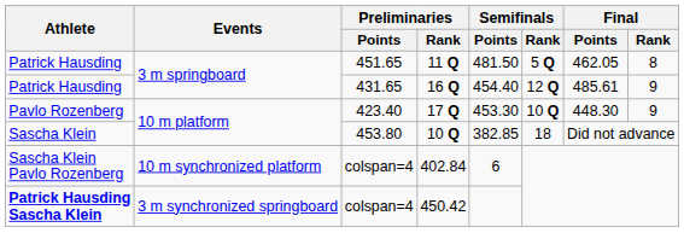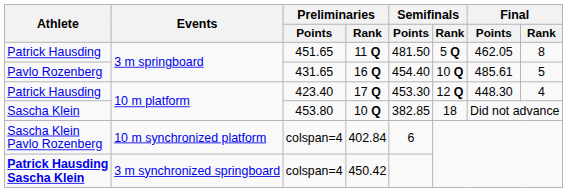 <table class=wikitable style="font-size:90%">
 <tr>
 <th rowspan="2">Athlete</th>
 <th rowspan="2">Events</th>
 <th colspan="2">Preliminaries</th>
 <th colspan="2">Semifinals</th>
 <th colspan="2">Final</th>
 </tr>
 <tr style="font-size:95%">
 <th>Points</th>
 <th>Rank</th>
 <th>Points</th>
 <th>Rank</th>
 <th>Points</th>
 <th>Rank</th>
 </tr>
 <tr align=center>
 <td align=left><a href='#'>Patrick Hausding</a></td>
 <td align=left rowspan=2><a href='#'>3 m springboard</a></td>
 <td>451.65</td>
 <td>11 <strong>Q</strong></td>
 <td>481.50</td>
 <td>5 <strong>Q</strong></td>
 <td>462.05</td>
 <td>8</td>
 </tr>
 <tr align=center>
-<td align=left><a href='#'>Patrick Hausding</a></td>
+<td align=left><a href='#'>Pavlo Rozenberg</a></td>
 <td>431.65</td>
 <td>16 <strong>Q</strong></td>
 <td>454.40</td>
-<td>12 <strong>Q</strong></td>
+<td>10 <strong>Q</strong></td>
 <td>485.61</td>
-<td>9</td>
+<td>5</td>
 </tr>
 <tr align=center>
-<td align=left><a href='#'>Pavlo Rozenberg</a></td>
+<td align=left><a href='#'>Patrick Hausding</a></td>
 <td align=left rowspan=2><a href='#'>10 m platform</a></td>
 <td>423.40</td>
 <td>17 <strong>Q</strong></td>
 <td>453.30</td>
-<td>10 <strong>Q</strong></td>
+<td>12 <strong>Q</strong></td>
 <td>448.30</td>
-<td>9</td>
+<td>4</td>
 </tr>
 <tr align=center>
 <td align=left><a href='#'>Sascha Klein</a></td>
 <td>453.80</td>
 <td>10 <strong>Q</strong></td>
 <td>382.85</td>
 <td>18</td>
 <td colspan=2>Did not advance</td>
 </tr>
 <tr align=center>
 <td align=left><a href='#'>Sascha Klein</a><br><a href='#'>Pavlo Rozenberg</a></td>
 <td align=left><a href='#'>10 m synchronized platform</a></td>
 <td>colspan=4 </td>
 <td>402.84</td>
 <td>6</td>
 </tr>
 <tr align=center>
 <td align=left><strong><a href='#'>Patrick Hausding</a><br><a href='#'>Sascha Klein</a></strong></td>
 <td align=left><a href='#'>3 m synchronized springboard</a></td>
 <td>colspan=4 </td>
 <td>450.42</td>
 <td></td>
 </tr>
 </table>
